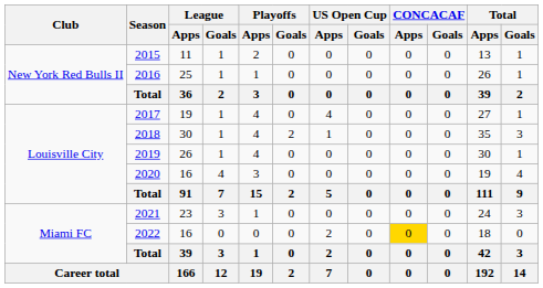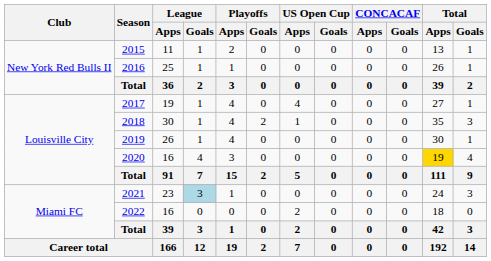 <table class="wikitable" style="text-align: center;">
 <tr>
 <th rowspan="2">Club</th>
 <th rowspan="2">Season</th>
 <th colspan="2">League</th>
 <th colspan="2">Playoffs</th>
 <th colspan="2">US Open Cup</th>
 <th colspan="2"><a href='#'>CONCACAF</a></th>
 <th colspan="2">Total</th>
 </tr>
 <tr>
 <th>Apps</th>
 <th>Goals</th>
 <th>Apps</th>
 <th>Goals</th>
 <th>Apps</th>
 <th>Goals</th>
 <th>Apps</th>
 <th>Goals</th>
 <th>Apps</th>
 <th>Goals</th>
 </tr>
 <tr>
 <td rowspan="3"><a href='#'>New York Red Bulls II</a></td>
 <td><a href='#'>2015</a></td>
 <td>11</td>
 <td>1</td>
 <td>2</td>
 <td>0</td>
 <td>0</td>
 <td>0</td>
 <td>0</td>
 <td>0</td>
 <td>13</td>
 <td>1</td>
 </tr>
 <tr>
 <td><a href='#'>2016</a></td>
 <td>25</td>
 <td>1</td>
 <td>1</td>
 <td>0</td>
 <td>0</td>
 <td>0</td>
 <td>0</td>
 <td>0</td>
 <td>26</td>
 <td>1</td>
 </tr>
 <tr>
 <th>Total</th>
 <th>36</th>
 <th>2</th>
 <th>3</th>
 <th>0</th>
 <th>0</th>
 <th>0</th>
 <th>0</th>
 <th>0</th>
 <th>39</th>
 <th>2</th>
 </tr>
 <tr>
 <td rowspan="5"><a href='#'>Louisville City</a></td>
 <td><a href='#'>2017</a></td>
 <td>19</td>
 <td>1</td>
 <td>4</td>
 <td>0</td>
 <td>4</td>
 <td>0</td>
 <td>0</td>
 <td>0</td>
 <td>27</td>
 <td>1</td>
 </tr>
 <tr>
 <td><a href='#'>2018</a></td>
 <td>30</td>
 <td>1</td>
 <td>4</td>
 <td>2</td>
 <td>1</td>
 <td>0</td>
 <td>0</td>
 <td>0</td>
 <td>35</td>
 <td>3</td>
 </tr>
 <tr>
 <td><a href='#'>2019</a></td>
 <td>26</td>
 <td>1</td>
 <td>4</td>
 <td>0</td>
 <td>0</td>
 <td>0</td>
 <td>0</td>
 <td>0</td>
 <td>30</td>
 <td>1</td>
 </tr>
 <tr>
 <td><a href='#'>2020</a></td>
 <td>16</td>
 <td>4</td>
 <td>3</td>
 <td>0</td>
 <td>0</td>
 <td>0</td>
 <td>0</td>
 <td>0</td>
-<td>19</td>
+<td style="background: gold;">19</td>
 <td>4</td>
 </tr>
 <tr>
 <th>Total</th>
 <th>91</th>
 <th>7</th>
 <th>15</th>
 <th>2</th>
 <th>5</th>
 <th>0</th>
 <th>0</th>
 <th>0</th>
 <th>111</th>
 <th>9</th>
 </tr>
 <tr>
 <td rowspan="3"><a href='#'>Miami FC</a></td>
 <td><a href='#'>2021</a></td>
 <td>23</td>
-<td>3</td>
+<td style="background: lightblue;">3</td>
 <td>1</td>
 <td>0</td>
 <td>0</td>
 <td>0</td>
 <td>0</td>
 <td>0</td>
 <td>24</td>
 <td>3</td>
 </tr>
 <tr>
 <td><a href='#'>2022</a></td>
 <td>16</td>
 <td>0</td>
 <td>0</td>
 <td>0</td>
 <td>2</td>
 <td>0</td>
-<td style="background: gold;">0</td>
+<td>0</td>
 <td>0</td>
 <td>18</td>
 <td>0</td>
 </tr>
 <tr>
 <th>Total</th>
 <th>39</th>
 <th>3</th>
 <th>1</th>
 <th>0</th>
 <th>2</th>
 <th>0</th>
 <th>0</th>
 <th>0</th>
 <th>42</th>
 <th>3</th>
 </tr>
 <tr>
 <th colspan="2">Career total</th>
 <th>166</th>
 <th>12</th>
 <th>19</th>
 <th>2</th>
 <th>7</th>
 <th>0</th>
 <th>0</th>
 <th>0</th>
 <th>192</th>
 <th>14</th>
 </tr>
 </table>
